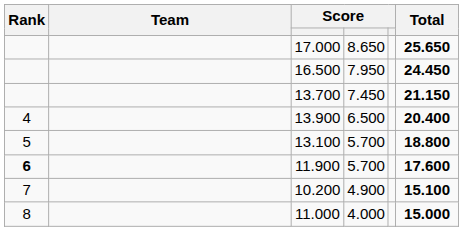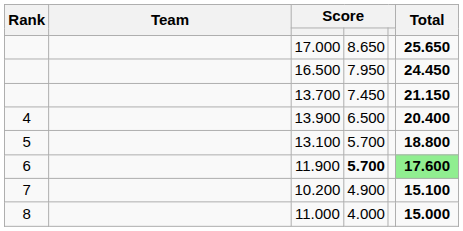 <table class=wikitable style="text-align:center">
 <tr>
 <th width="40" rowspan="2">Rank</th>
 <th width="250" rowspan="2">Team</th>
 <th width="60" colspan="3">Score</th>
 <th width="60" rowspan="2">Total</th>
 </tr>
 <tr>
 <th></th>
 <th></th>
 <th></th>
 </tr>
 <tr>
 <td></td>
 <td align="left"></td>
 <td>17.000</td>
 <td>8.650</td>
 <td></td>
 <td><strong>25.650</strong></td>
 </tr>
 <tr>
 <td></td>
 <td align="left"></td>
 <td>16.500</td>
 <td>7.950</td>
 <td></td>
 <td><strong>24.450</strong></td>
 </tr>
 <tr>
 <td></td>
 <td align="left"></td>
 <td>13.700</td>
 <td>7.450</td>
 <td></td>
 <td><strong>21.150</strong></td>
 </tr>
 <tr>
 <td>4</td>
 <td align="left"></td>
 <td>13.900</td>
 <td>6.500</td>
 <td></td>
 <td><strong>20.400</strong></td>
 </tr>
 <tr>
 <td>5</td>
 <td align="left"></td>
 <td>13.100</td>
 <td>5.700</td>
 <td></td>
 <td><strong>18.800</strong></td>
 </tr>
 <tr>
-<td><strong>6</strong></td>
+<td>6</td>
 <td align="left"></td>
 <td>11.900</td>
-<td>5.700</td>
+<td><strong>5.700</strong></td>
 <td></td>
-<td><strong>17.600</strong></td>
+<td style="background: lightgreen;"><strong>17.600</strong></td>
 </tr>
 <tr>
 <td>7</td>
 <td align="left"></td>
 <td>10.200</td>
 <td>4.900</td>
 <td></td>
 <td><strong>15.100</strong></td>
 </tr>
 <tr>
 <td>8</td>
 <td align="left"></td>
 <td>11.000</td>
 <td>4.000</td>
 <td></td>
 <td><strong>15.000</strong></td>
 </tr>
 </table>
